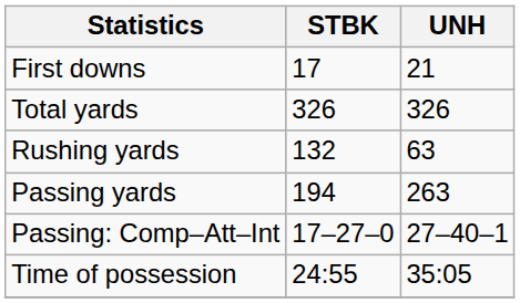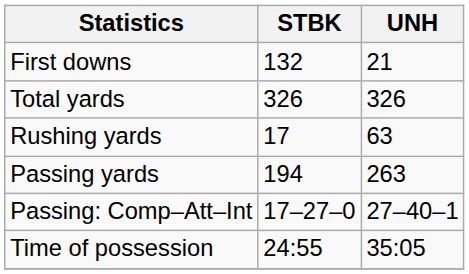 <table class="wikitable" style="float: left;">
 <tr>
 <th>Statistics</th>
 <th>STBK</th>
 <th>UNH</th>
 </tr>
 <tr>
 <td>First downs</td>
-<td>17</td>
+<td>132</td>
 <td>21</td>
 </tr>
 <tr>
 <td>Total yards</td>
 <td>326</td>
 <td>326</td>
 </tr>
 <tr>
 <td>Rushing yards</td>
-<td>132</td>
+<td>17</td>
 <td>63</td>
 </tr>
 <tr>
 <td>Passing yards</td>
 <td>194</td>
 <td>263</td>
 </tr>
 <tr>
 <td>Passing: Comp–Att–Int</td>
 <td>17–27–0</td>
 <td>27–40–1</td>
 </tr>
 <tr>
 <td>Time of possession</td>
 <td>24:55</td>
 <td>35:05</td>
 </tr>
 <tr>
 </tr>
 </table>
